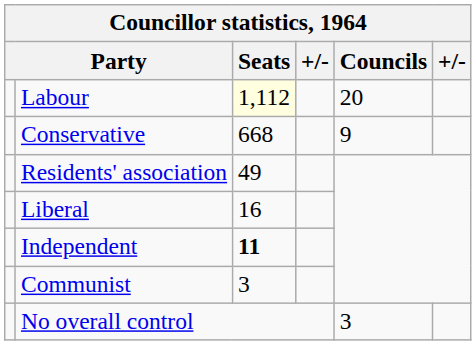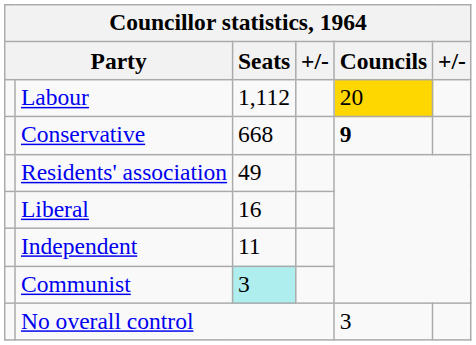 <table class="wikitable">
 <tr>
 <th colspan=6>Councillor statistics, 1964</th>
 </tr>
 <tr>
 <th colspan=2>Party</th>
 <th>Seats</th>
 <th>+/-</th>
 <th>Councils</th>
 <th>+/-</th>
 </tr>
 <tr>
 <td style="background-color: "></td>
 <td><a href='#'>Labour</a></td>
-<td style="background: lightyellow;">1,112</td>
+<td>1,112</td>
 <td></td>
-<td>20</td>
+<td style="background: gold;">20</td>
 <td></td>
 </tr>
 <tr>
 <td style="background-color: "></td>
 <td><a href='#'>Conservative</a></td>
 <td>668</td>
 <td></td>
-<td>9</td>
+<td><strong>9</strong></td>
 <td></td>
 </tr>
 <tr>
 <td style="background-color: "></td>
 <td><a href='#'>Residents' association</a></td>
 <td>49</td>
 <td></td>
 <td rowspan=4 colspan=2></td>
 </tr>
 <tr>
 <td style="background-color: "></td>
 <td><a href='#'>Liberal</a></td>
 <td>16</td>
 <td></td>
 </tr>
 <tr>
 <td style="background-color: "></td>
 <td><a href='#'>Independent</a></td>
-<td><strong>11</strong></td>
+<td>11</td>
 <td></td>
 </tr>
 <tr>
 <td style="background-color: "></td>
 <td><a href='#'>Communist</a></td>
-<td>3</td>
+<td style="background: paleturquoise;">3</td>
 <td></td>
 </tr>
 <tr>
 <td style="background-color: "></td>
 <td colspan=3><a href='#'>No overall control</a></td>
 <td>3</td>
 <td></td>
 </tr>
 </table>
